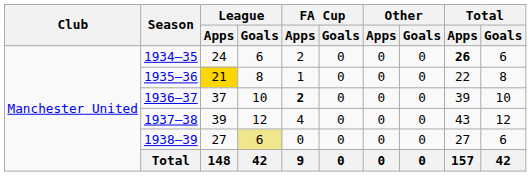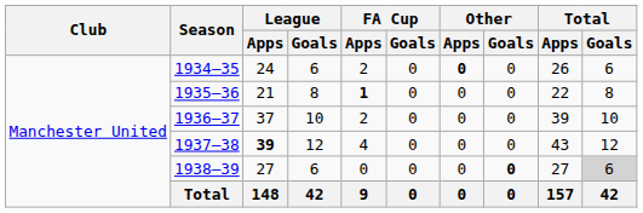 <table class="wikitable" style="text-align:center">
 <tr>
 <th rowspan="2">Club</th>
 <th rowspan="2">Season</th>
 <th colspan="2">League</th>
 <th colspan="2">FA Cup</th>
 <th colspan="2">Other</th>
 <th colspan="2">Total</th>
 </tr>
 <tr>
 <th>Apps</th>
 <th>Goals</th>
 <th>Apps</th>
 <th>Goals</th>
 <th>Apps</th>
 <th>Goals</th>
 <th>Apps</th>
 <th>Goals</th>
 </tr>
 <tr>
 <td rowspan="6"><a href='#'>Manchester United</a></td>
 <td><a href='#'>1934–35</a></td>
 <td>24</td>
 <td>6</td>
 <td>2</td>
 <td>0</td>
+<td><strong>0</strong></td>
 <td>0</td>
-<td>0</td>
-<td><strong>26</strong></td>
+<td>26</td>
 <td>6</td>
 </tr>
 <tr>
 <td><a href='#'>1935–36</a></td>
-<td style="background: gold;">21</td>
+<td>21</td>
 <td>8</td>
-<td>1</td>
+<td><strong>1</strong></td>
 <td>0</td>
 <td>0</td>
 <td>0</td>
 <td>22</td>
 <td>8</td>
 </tr>
 <tr>
 <td><a href='#'>1936–37</a></td>
 <td>37</td>
 <td>10</td>
-<td><strong>2</strong></td>
+<td>2</td>
 <td>0</td>
 <td>0</td>
 <td>0</td>
 <td>39</td>
 <td>10</td>
 </tr>
 <tr>
 <td><a href='#'>1937–38</a></td>
-<td>39</td>
+<td><strong>39</strong></td>
 <td>12</td>
 <td>4</td>
 <td>0</td>
 <td>0</td>
 <td>0</td>
 <td>43</td>
 <td>12</td>
 </tr>
 <tr>
 <td><a href='#'>1938–39</a></td>
 <td>27</td>
-<td style="background: khaki;">6</td>
+<td>6</td>
 <td>0</td>
 <td>0</td>
 <td>0</td>
-<td>0</td>
+<td><strong>0</strong></td>
 <td>27</td>
-<td>6</td>
+<td style="background: lightgrey;">6</td>
 </tr>
 <tr>
 <th>Total</th>
 <th>148</th>
 <th>42</th>
 <th>9</th>
 <th>0</th>
 <th>0</th>
 <th>0</th>
 <th>157</th>
 <th>42</th>
 </tr>
 </table>
